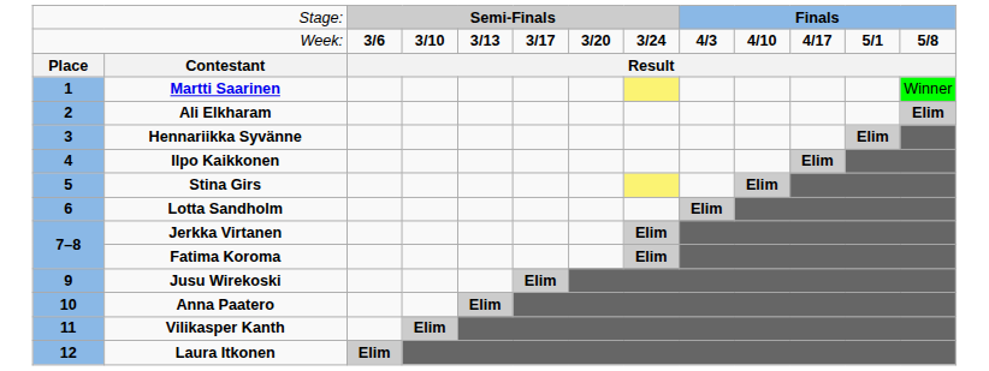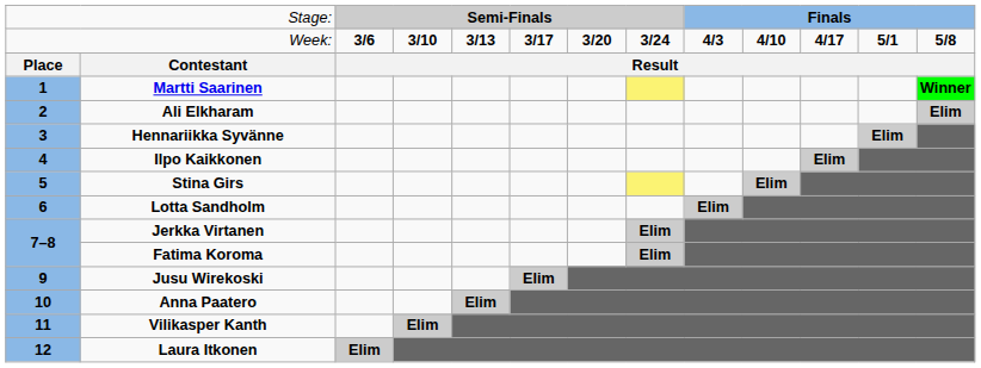 <table class="wikitable" style="margin:1em auto; text-align:center; font-size:85%">
 <tr>
 <td colspan="2" style="text-align:right;"><em>Stage:</em></td>
 <td colspan="6" style="background:#ccc;"><strong>Semi-Finals</strong></td>
 <td colspan="5" style="background:#8ab8e6;"><strong>Finals</strong></td>
 </tr>
 <tr>
 <td colspan="2" style="text-align:right;"><em>Week:</em></td>
 <td style="text-align:center; width:6%;"><strong>3/6</strong></td>
 <td style="text-align:center; width:6%;"><strong>3/10</strong></td>
 <td style="text-align:center; width:6%;"><strong>3/13</strong></td>
 <td style="text-align:center; width:6%;"><strong>3/17</strong></td>
 <td style="text-align:center; width:6%;"><strong>3/20</strong></td>
 <td style="text-align:center; width:6%;"><strong>3/24</strong></td>
 <td style="text-align:center; width:6%;"><strong>4/3</strong></td>
 <td style="text-align:center; width:6%;"><strong>4/10</strong></td>
 <td style="text-align:center; width:6%;"><strong>4/17</strong></td>
 <td style="text-align:center; width:6%;"><strong>5/1</strong></td>
 <td style="text-align:center; width:6%;"><strong>5/8</strong></td>
 </tr>
 <tr>
 <th>Place</th>
 <th>Contestant</th>
 <th colspan="14" style="text-align:center;">Result</th>
 </tr>
 <tr>
 <td style="background:#8ab8e6; text-align:center;"><strong>1</strong></td>
 <td><strong><a href='#'>Martti Saarinen</a></strong></td>
 <td></td>
 <td></td>
 <td></td>
 <td></td>
 <td></td>
 <td style="background:#fbf373; text-align:center;"></td>
 <td></td>
 <td></td>
 <td></td>
 <td></td>
-<td style="background:lime;">Winner</td>
+<td style="background:lime;"><strong>Winner</strong></td>
 </tr>
 <tr>
 <td style="background:#8ab8e6; text-align:center;"><strong>2</strong></td>
 <td><strong>Ali Elkharam</strong></td>
 <td></td>
 <td></td>
 <td></td>
 <td></td>
 <td></td>
 <td></td>
 <td></td>
 <td></td>
 <td></td>
 <td></td>
 <td bgcolor="#CCCCCC" align="center"><strong>Elim</strong></td>
 </tr>
 <tr>
 <td style="background:#8ab8e6; text-align:center;"><strong>3</strong></td>
 <td><strong>Hennariikka Syvänne</strong></td>
 <td></td>
 <td></td>
 <td></td>
 <td></td>
 <td></td>
 <td></td>
 <td></td>
 <td></td>
 <td></td>
 <td bgcolor="#CCCCCC" align="center"><strong>Elim</strong></td>
 <td colspan="1" bgcolor="666666"></td>
 </tr>
 <tr>
 <td style="text-align:center; background:#8ab8e6;"><strong>4</strong></td>
 <td><strong>Ilpo Kaikkonen</strong></td>
 <td></td>
 <td></td>
 <td></td>
 <td></td>
 <td></td>
 <td></td>
 <td></td>
 <td></td>
 <td bgcolor="#CCCCCC" align="center"><strong>Elim</strong></td>
 <td colspan="2" bgcolor="666666"></td>
 </tr>
 <tr>
 <td style="background:#8ab8e6; text-align:center;"><strong>5</strong></td>
 <td><strong>Stina Girs</strong></td>
 <td></td>
 <td></td>
 <td></td>
 <td></td>
 <td></td>
 <td style="background:#fbf373; text-align:center;"></td>
 <td></td>
 <td bgcolor="#CCCCCC" align="center"><strong>Elim</strong></td>
 <td colspan="3" bgcolor="666666"></td>
 </tr>
 <tr>
 <td style="background:#8ab8e6; text-align:center;"><strong>6</strong></td>
 <td><strong>Lotta Sandholm</strong></td>
 <td></td>
 <td></td>
 <td></td>
 <td></td>
 <td></td>
 <td></td>
 <td bgcolor="#CCCCCC" align="center"><strong>Elim</strong></td>
 <td colspan="4" bgcolor="666666"></td>
 </tr>
 <tr>
 <td rowspan="2" style="background:#8ab8e6; text-align:center;"><strong>7–8</strong></td>
 <td><strong>Jerkka Virtanen</strong></td>
 <td></td>
 <td></td>
 <td></td>
 <td></td>
 <td></td>
 <td bgcolor="#CCCCCC" align="center"><strong>Elim</strong></td>
 <td colspan="5" bgcolor="666666"></td>
 </tr>
 <tr>
 <td><strong>Fatima Koroma</strong></td>
 <td></td>
 <td></td>
 <td></td>
 <td></td>
 <td></td>
 <td bgcolor="#CCCCCC" align="center"><strong>Elim</strong></td>
 <td colspan="5" bgcolor="666666"></td>
 </tr>
 <tr>
 <td style="background:#8ab8e6; text-align:center;"><strong>9</strong></td>
 <td><strong>Jusu Wirekoski</strong></td>
 <td></td>
 <td></td>
 <td></td>
 <td bgcolor="#CCCCCC" align="center"><strong>Elim</strong></td>
 <td colspan="7" bgcolor="666666"></td>
 </tr>
 <tr>
 <td style="background:#8ab8e6; text-align:center;"><strong>10</strong></td>
 <td><strong>Anna Paatero</strong></td>
 <td></td>
 <td></td>
 <td bgcolor="#CCCCCC" align="center"><strong>Elim</strong></td>
 <td colspan="8" bgcolor="666666"></td>
 </tr>
 <tr>
 <td style="text-align:center; background:#8ab8e6;"><strong>11</strong></td>
 <td><strong>Vilikasper Kanth</strong></td>
 <td></td>
 <td bgcolor="#CCCCCC" align="center"><strong>Elim</strong></td>
 <td colspan="9" bgcolor="666666"></td>
 </tr>
 <tr>
 <td style="text-align:center; background:#8ab8e6;"><strong>12</strong></td>
 <td><strong>Laura Itkonen</strong></td>
 <td bgcolor="#CCCCCC" align="center"><strong>Elim</strong></td>
 <td colspan="10" bgcolor="666666"></td>
 </tr>
 </table>
